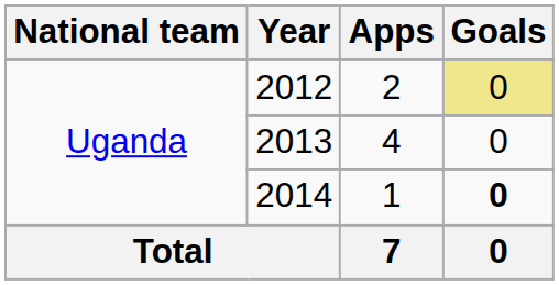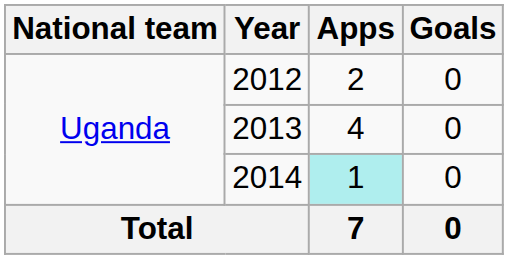 <table class="wikitable" style="text-align:center">
 <tr>
 <th>National team</th>
 <th>Year</th>
 <th>Apps</th>
 <th>Goals</th>
 </tr>
 <tr>
 <td rowspan="3"><a href='#'>Uganda</a></td>
 <td>2012</td>
 <td>2</td>
-<td style="background: khaki;">0</td>
+<td>0</td>
 </tr>
 <tr>
 <td>2013</td>
 <td>4</td>
 <td>0</td>
 </tr>
 <tr>
 <td>2014</td>
-<td>1</td>
-<td><strong>0</strong></td>
+<td style="background: paleturquoise;">1</td>
+<td>0</td>
 </tr>
 <tr>
 <th colspan="2">Total</th>
 <th>7</th>
 <th>0</th>
 </tr>
 </table>
